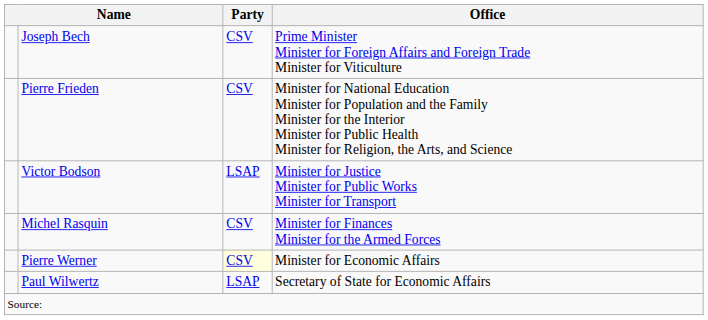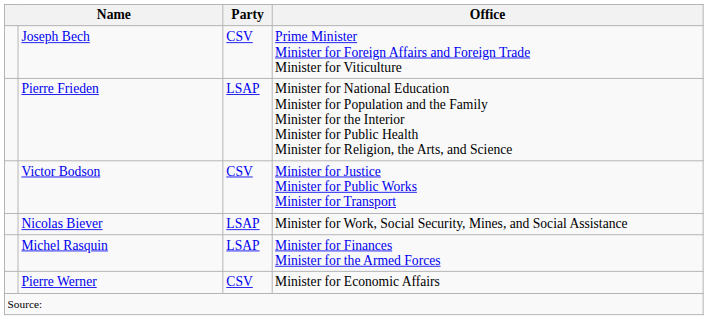 <table class="wikitable">
 <tr>
 <th colspan=2 width=250px>Name</th>
 <th width=50px>Party</th>
 <th width=500px>Office</th>
 </tr>
 <tr>
 <td style="background-color: "></td>
 <td valign=top><a href='#'>Joseph Bech</a></td>
 <td valign=top><a href='#'>CSV</a></td>
 <td><a href='#'>Prime Minister</a> <br> <a href='#'>Minister for Foreign Affairs and Foreign Trade</a> <br> Minister for Viticulture</td>
 </tr>
 <tr>
 <td style="background-color: "></td>
 <td valign=top><a href='#'>Pierre Frieden</a></td>
-<td valign=top><a href='#'>CSV</a></td>
+<td valign=top><a href='#'>LSAP</a></td>
 <td>Minister for National Education <br> Minister for Population and the Family <br> Minister for the Interior <br> Minister for Public Health <br> Minister for Religion, the Arts, and Science</td>
 </tr>
 <tr>
 <td style="background-color: "></td>
 <td valign=top><a href='#'>Victor Bodson</a></td>
-<td valign=top><a href='#'>LSAP</a></td>
+<td valign=top><a href='#'>CSV</a></td>
 <td><a href='#'>Minister for Justice</a> <br> <a href='#'>Minister for Public Works</a> <br> <a href='#'>Minister for Transport</a></td>
 </tr>
 <tr>
 <td style="background-color: "></td>
+<td valign=top><a href='#'>Nicolas Biever</a></td>
+<td valign=top><a href='#'>LSAP</a></td>
+<td>Minister for Work, Social Security, Mines, and Social Assistance</td>
+</tr>
+<tr>
+<td style="background-color: "></td>
 <td valign=top><a href='#'>Michel Rasquin</a></td>
-<td valign=top><a href='#'>CSV</a></td>
+<td valign=top><a href='#'>LSAP</a></td>
 <td><a href='#'>Minister for Finances</a> <br> <a href='#'>Minister for the Armed Forces</a></td>
 </tr>
 <tr>
 <td style="background-color: "></td>
 <td valign=top><a href='#'>Pierre Werner</a></td>
-<td valign=top style="background: lightyellow;"><a href='#'>CSV</a></td>
+<td valign=top><a href='#'>CSV</a></td>
 <td>Minister for Economic Affairs</td>
-</tr>
-<tr>
-<td style="background-color: "></td>
-<td valign=top><a href='#'>Paul Wilwertz</a></td>
-<td valign=top><a href='#'>LSAP</a></td>
-<td>Secretary of State for Economic Affairs</td>
 </tr>
 <tr>
 <td colspan=4><small>Source: </small></td>
 </tr>
 </table>
